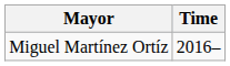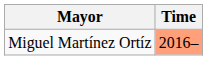 <table class="wikitable">
 <tr align=center style="background:#d8edff">
 <th>Mayor</th>
 <th>Time</th>
 </tr>
 <tr>
 <td>Miguel Martínez Ortíz</td>
-<td>2016–</td>
+<td style="background: lightsalmon;">2016–</td>
 </tr>
 </table>
